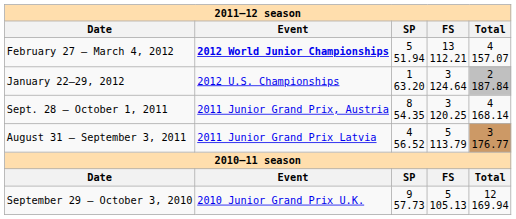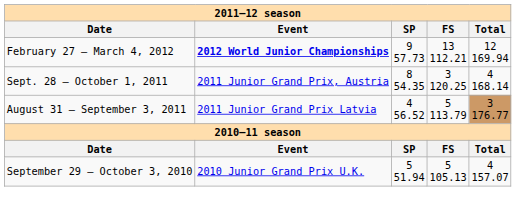 <table class="wikitable">
 <tr>
 <th colspan="5" style="background-color: #ffdead;" align="center"><strong>2011–12 season</strong></th>
 </tr>
 <tr>
 <th>Date</th>
 <th>Event</th>
 <th>SP</th>
 <th>FS</th>
 <th>Total</th>
 </tr>
 <tr>
 <td>February 27 – March 4, 2012</td>
 <td><strong><a href='#'>2012 World Junior Championships</a></strong></td>
-<td align=center>5 <br> 51.94</td>
+<td align=center>9 <br> 57.73</td>
 <td align=center>13 <br> 112.21</td>
-<td align=center>4 <br> 157.07</td>
-</tr>
-<tr>
-<td>January 22–29, 2012</td>
-<td><a href='#'>2012 U.S. Championships</a></td>
-<td align=center>1 <br> 63.20</td>
-<td align=center>3 <br> 124.64</td>
-<td align=center bgcolor=silver>2 <br> 187.84</td>
+<td align=center>12 <br> 169.94</td>
 </tr>
 <tr>
 <td>Sept. 28 – October 1, 2011</td>
 <td><a href='#'>2011 Junior Grand Prix, Austria</a></td>
 <td align="center">8 <br>54.35</td>
 <td align=center>3 <br> 120.25</td>
 <td align="center">4 <br>168.14</td>
 </tr>
 <tr>
 <td>August 31 – September 3, 2011</td>
 <td><a href='#'>2011 Junior Grand Prix Latvia</a></td>
 <td align=center>4 <br> 56.52</td>
 <td align="center">5 <br>113.79</td>
 <td align=center bgcolor=cc9966>3 <br> 176.77</td>
 </tr>
 <tr>
 <th colspan="5" style="background-color: #ffdead;" align="center"><strong>2010–11 season</strong></th>
 </tr>
 <tr>
 <th>Date</th>
 <th>Event</th>
 <th>SP</th>
 <th>FS</th>
 <th>Total</th>
 </tr>
 <tr>
 <td>September 29 – October 3, 2010</td>
 <td><a href='#'>2010 Junior Grand Prix U.K.</a></td>
-<td align=center>9 <br> 57.73</td>
+<td align=center>5 <br> 51.94</td>
 <td align=center>5 <br> 105.13</td>
-<td align=center>12 <br> 169.94</td>
+<td align=center>4 <br> 157.07</td>
 </tr>
 </table>
